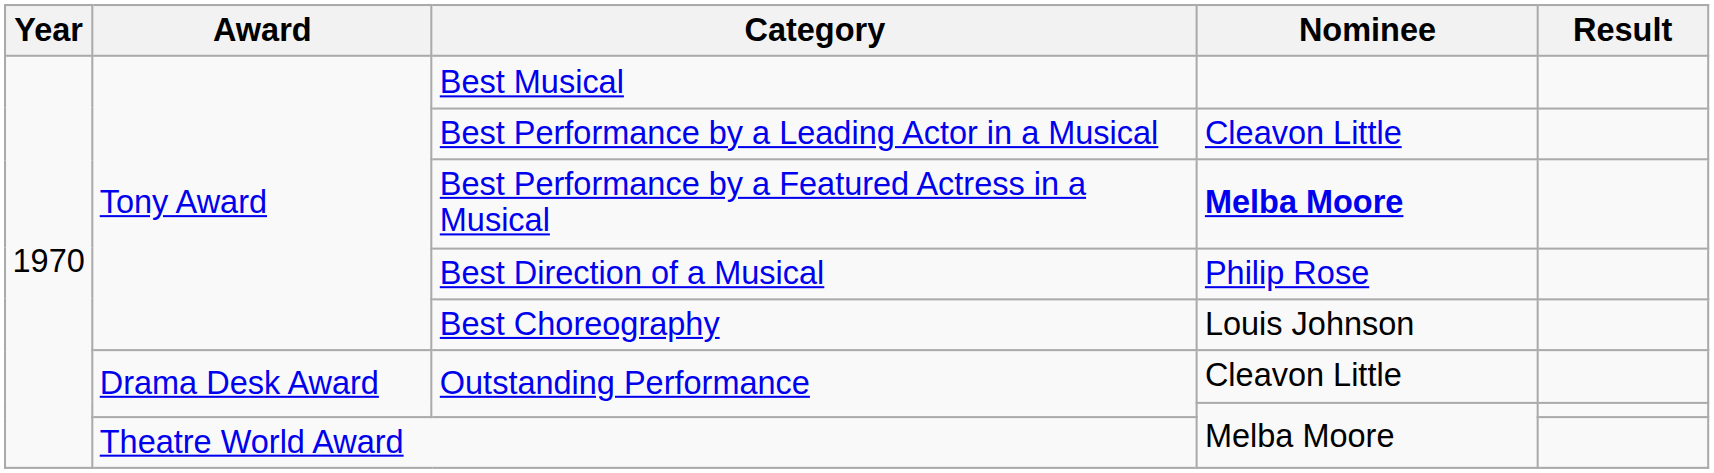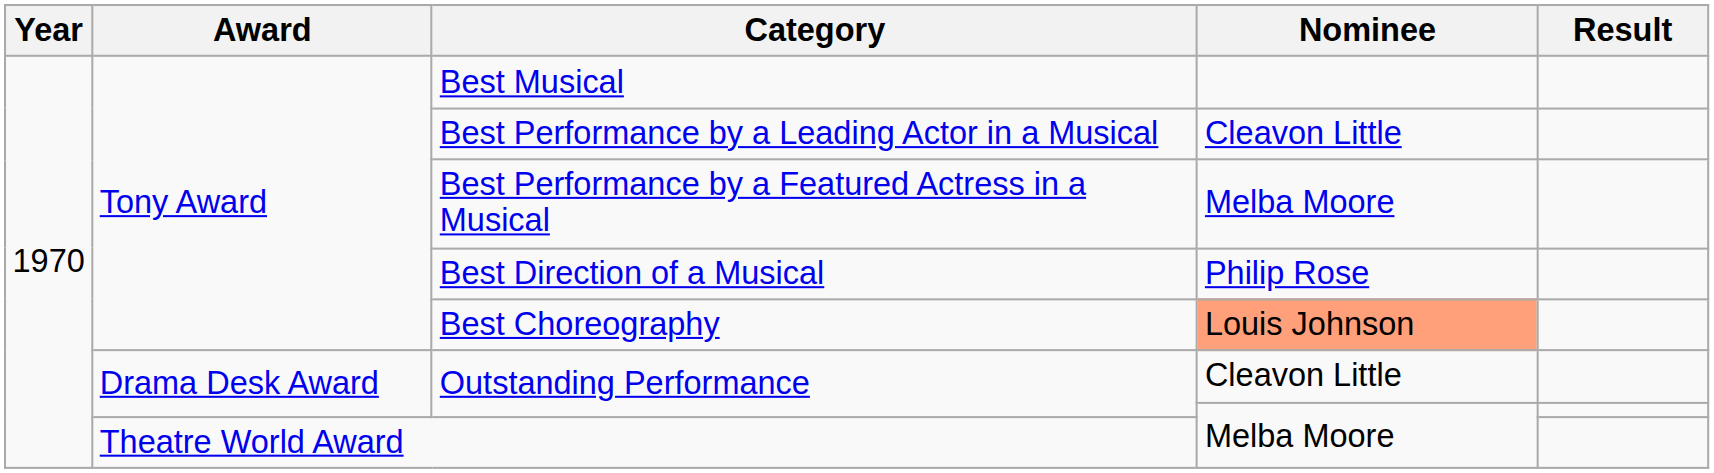 <table class="wikitable" width="95%">
 <tr>
 <th width="5%">Year</th>
 <th width="20%">Award</th>
 <th width="45%">Category</th>
 <th width="20%">Nominee</th>
 <th width="10%">Result</th>
 </tr>
 <tr>
 <td rowspan="8" align="center">1970</td>
 <td rowspan="5"><a href='#'>Tony Award</a></td>
 <td><a href='#'>Best Musical</a></td>
 <td></td>
 <td></td>
 </tr>
 <tr>
 <td><a href='#'>Best Performance by a Leading Actor in a Musical</a></td>
 <td><a href='#'>Cleavon Little</a></td>
 <td></td>
 </tr>
 <tr>
 <td><a href='#'>Best Performance by a Featured Actress in a Musical</a></td>
-<td><strong><a href='#'>Melba Moore</a></strong></td>
+<td><a href='#'>Melba Moore</a></td>
 <td></td>
 </tr>
 <tr>
 <td><a href='#'>Best Direction of a Musical</a></td>
 <td><a href='#'>Philip Rose</a></td>
 <td></td>
 </tr>
 <tr>
 <td><a href='#'>Best Choreography</a></td>
-<td>Louis Johnson</td>
+<td style="background: lightsalmon;">Louis Johnson</td>
 <td></td>
 </tr>
 <tr>
 <td rowspan="2"><a href='#'>Drama Desk Award</a></td>
 <td rowspan="2"><a href='#'>Outstanding Performance</a></td>
 <td>Cleavon Little</td>
 <td></td>
 </tr>
 <tr>
 <td rowspan="2">Melba Moore</td>
 <td></td>
 </tr>
 <tr>
 <td colspan="2"><a href='#'>Theatre World Award</a></td>
 <td></td>
 </tr>
 </table>
